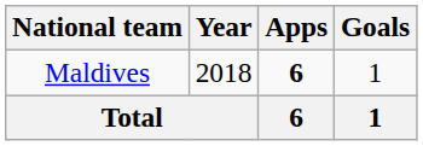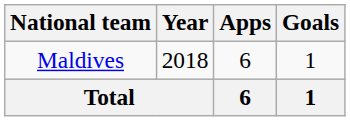 <table class="wikitable" style="text-align:center">
 <tr>
 <th>National team</th>
 <th>Year</th>
 <th>Apps</th>
 <th>Goals</th>
 </tr>
 <tr>
 <td rowspan="1"><a href='#'>Maldives</a></td>
 <td>2018</td>
-<td><strong>6</strong></td>
+<td>6</td>
 <td>1</td>
 </tr>
 <tr>
 <th colspan=2>Total</th>
 <th>6</th>
 <th>1</th>
 </tr>
 </table>
